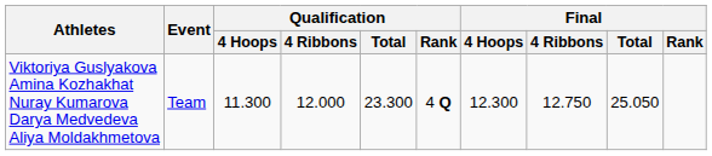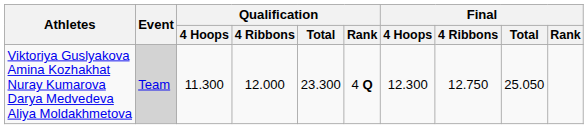 <table class="wikitable" style="font-size:90%">
 <tr>
 <th rowspan="2">Athletes</th>
 <th rowspan="2">Event</th>
 <th colspan="4">Qualification</th>
 <th colspan="4">Final</th>
 </tr>
 <tr style="font-size:95%">
 <th>4 Hoops</th>
 <th>4 Ribbons</th>
 <th>Total</th>
 <th>Rank</th>
 <th>4 Hoops</th>
 <th>4 Ribbons</th>
 <th>Total</th>
 <th>Rank</th>
 </tr>
 <tr align=center>
 <td align=left><a href='#'>Viktoriya Guslyakova</a><br><a href='#'>Amina Kozhakhat</a><br><a href='#'>Nuray Kumarova</a><br><a href='#'>Darya Medvedeva</a><br><a href='#'>Aliya Moldakhmetova</a></td>
-<td align=left><a href='#'>Team</a></td>
+<td align=left style="background: lightgrey;"><a href='#'>Team</a></td>
 <td>11.300</td>
 <td>12.000</td>
 <td>23.300</td>
 <td>4 <strong>Q</strong></td>
 <td>12.300</td>
 <td>12.750</td>
 <td>25.050</td>
 <td></td>
 </tr>
 </table>
